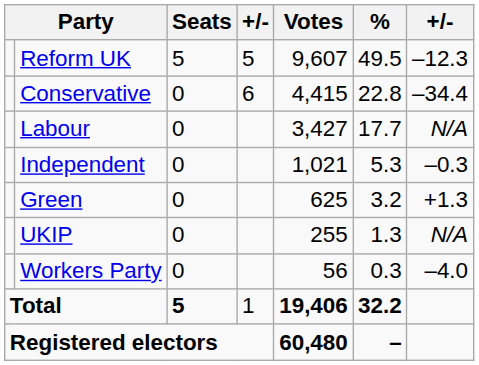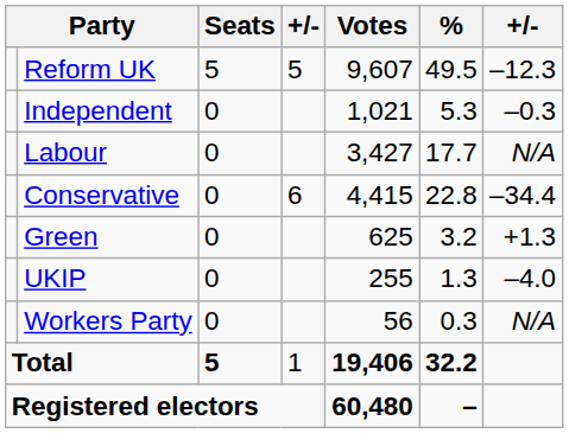 <table class="wikitable sortable">
 <tr>
 <th colspan="2">Party</th>
 <th>Seats</th>
 <th>+/-</th>
 <th>Votes</th>
 <th>%</th>
 <th>+/-</th>
 </tr>
 <tr>
 <td style="background-color: "></td>
 <td><a href='#'>Reform UK</a></td>
 <td>5</td>
 <td> 5</td>
 <td style="text-align:right;">9,607</td>
 <td style="text-align:right;">49.5</td>
 <td style="text-align:right;">–12.3</td>
 </tr>
 <tr>
 <td style="background-color: "></td>
-<td><a href='#'>Conservative</a></td>
+<td><a href='#'>Independent</a></td>
 <td>0</td>
-<td> 6</td>
-<td style="text-align:right;">4,415</td>
-<td style="text-align:right;">22.8</td>
-<td style="text-align:right;">–34.4</td>
+<td></td>
+<td style="text-align:right;">1,021</td>
+<td style="text-align:right;">5.3</td>
+<td style="text-align:right;">–0.3</td>
 </tr>
 <tr>
 <td style="background-color: "></td>
 <td><a href='#'>Labour</a></td>
 <td>0</td>
 <td></td>
 <td style="text-align:right;">3,427</td>
 <td style="text-align:right;">17.7</td>
 <td style="text-align:right;"><em>N/A</em></td>
 </tr>
 <tr>
 <td style="background-color: "></td>
-<td><a href='#'>Independent</a></td>
+<td><a href='#'>Conservative</a></td>
 <td>0</td>
-<td></td>
-<td style="text-align:right;">1,021</td>
-<td style="text-align:right;">5.3</td>
-<td style="text-align:right;">–0.3</td>
+<td> 6</td>
+<td style="text-align:right;">4,415</td>
+<td style="text-align:right;">22.8</td>
+<td style="text-align:right;">–34.4</td>
 </tr>
 <tr>
 <td style="background-color: "></td>
 <td><a href='#'>Green</a></td>
 <td>0</td>
 <td></td>
 <td style="text-align:right;">625</td>
 <td style="text-align:right;">3.2</td>
 <td style="text-align:right;">+1.3</td>
 </tr>
 <tr>
 <td style="background-color: "></td>
 <td><a href='#'>UKIP</a></td>
 <td>0</td>
 <td></td>
 <td style="text-align:right;">255</td>
 <td style="text-align:right;">1.3</td>
-<td style="text-align:right;"><em>N/A</em></td>
+<td style="text-align:right;">–4.0</td>
 </tr>
 <tr>
 <td style="background-color: "></td>
 <td><a href='#'>Workers Party</a></td>
 <td>0</td>
 <td></td>
 <td style="text-align:right;">56</td>
 <td style="text-align:right;">0.3</td>
-<td style="text-align:right;">–4.0</td>
+<td style="text-align:right;"><em>N/A</em></td>
 </tr>
 <tr>
 <td colspan="2"><strong>Total</strong></td>
 <td><strong>5</strong></td>
 <td> 1</td>
 <td style="text-align:right;"><strong>19,406</strong></td>
 <td style="text-align:right;"><strong>32.2</strong></td>
 <td style="text-align:right;"></td>
 </tr>
 <tr>
 <td colspan="4"><strong>Registered electors</strong></td>
 <td style="text-align:right;"><strong>60,480</strong></td>
 <td style="text-align:right;"><strong>–</strong></td>
 <td style="text-align:right;"></td>
 </tr>
 </table>
